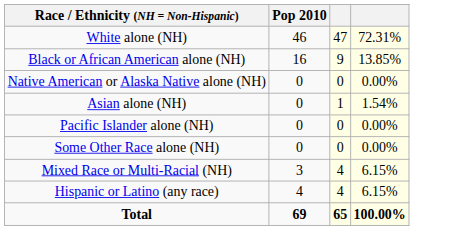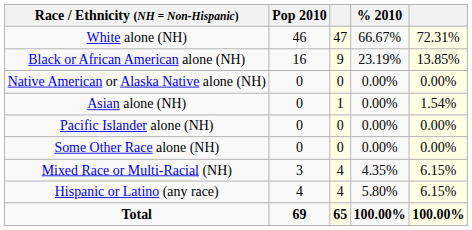 <table class="wikitable" style="text-align:center;">
 <tr>
 <th>Race / Ethnicity <small>(<em>NH = Non-Hispanic</em>)</small></th>
 <th>Pop 2010</th>
 <th></th>
+<th>% 2010</th>
 <th></th>
 </tr>
 <tr>
 <td><a href='#'>White</a> alone (NH)</td>
 <td>46</td>
 <td style='background: #ffffe6;'>47</td>
+<td>66.67%</td>
 <td style='background: #ffffe6;'>72.31%</td>
 </tr>
 <tr>
 <td><a href='#'>Black or African American</a> alone (NH)</td>
 <td>16</td>
 <td style='background: #ffffe6;'>9</td>
+<td>23.19%</td>
 <td style='background: #ffffe6;'>13.85%</td>
 </tr>
 <tr>
 <td><a href='#'>Native American</a> or <a href='#'>Alaska Native</a> alone (NH)</td>
 <td>0</td>
 <td style='background: #ffffe6;'>0</td>
+<td>0.00%</td>
 <td style='background: #ffffe6;'>0.00%</td>
 </tr>
 <tr>
 <td><a href='#'>Asian</a> alone (NH)</td>
 <td>0</td>
 <td style='background: #ffffe6;'>1</td>
+<td>0.00%</td>
 <td style='background: #ffffe6;'>1.54%</td>
 </tr>
 <tr>
 <td><a href='#'>Pacific Islander</a> alone (NH)</td>
 <td>0</td>
 <td style='background: #ffffe6;'>0</td>
+<td>0.00%</td>
 <td style='background: #ffffe6;'>0.00%</td>
 </tr>
 <tr>
 <td><a href='#'>Some Other Race</a> alone (NH)</td>
 <td>0</td>
 <td style='background: #ffffe6;'>0</td>
+<td>0.00%</td>
 <td style='background: #ffffe6;'>0.00%</td>
 </tr>
 <tr>
 <td><a href='#'>Mixed Race or Multi-Racial</a> (NH)</td>
 <td>3</td>
 <td style='background: #ffffe6;'>4</td>
+<td>4.35%</td>
 <td style='background: #ffffe6;'>6.15%</td>
 </tr>
 <tr>
 <td><a href='#'>Hispanic or Latino</a> (any race)</td>
 <td>4</td>
 <td style='background: #ffffe6;'>4</td>
+<td>5.80%</td>
 <td style='background: #ffffe6;'>6.15%</td>
 </tr>
 <tr>
 <td><strong>Total</strong></td>
 <td><strong>69</strong></td>
 <td style='background: #ffffe6;'><strong>65</strong></td>
+<td><strong>100.00%</strong></td>
 <td style='background: #ffffe6;'><strong>100.00%</strong></td>
 </tr>
 </table>
